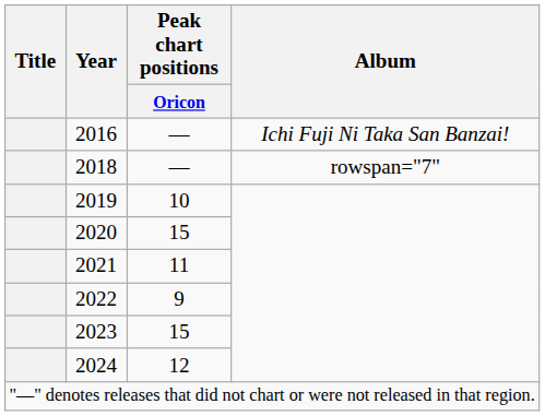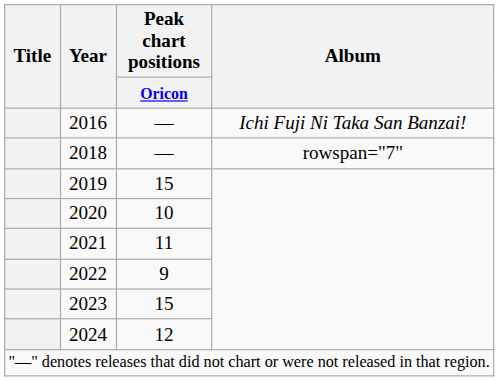 <table class="wikitable plainrowheaders" style="text-align:center;">
 <tr>
 <th scope="col" rowspan="2">Title</th>
 <th scope="col" rowspan="2">Year</th>
 <th scope="col" colspan="1">Peak <br> chart <br> positions</th>
 <th scope="col" rowspan="2">Album</th>
 </tr>
 <tr>
 <th scope="col" colspan="1"><small><a href='#'>Oricon</a></small><br></th>
 </tr>
 <tr>
 <th scope="row"></th>
 <td>2016</td>
 <td>—</td>
 <td><em>Ichi Fuji Ni Taka San Banzai!</em></td>
 </tr>
 <tr>
 <th scope="row"></th>
 <td>2018</td>
 <td>—</td>
 <td>rowspan="7" </td>
 </tr>
 <tr>
 <th scope="row"></th>
 <td>2019</td>
-<td>10</td>
+<td>15</td>
 </tr>
 <tr>
 <th scope="row"></th>
 <td>2020</td>
-<td>15</td>
+<td>10</td>
 </tr>
 <tr>
 <th scope="row"></th>
 <td>2021</td>
 <td>11</td>
 </tr>
 <tr>
 <th scope="row"></th>
 <td>2022</td>
 <td>9</td>
 </tr>
 <tr>
 <th scope="row"></th>
 <td>2023</td>
 <td>15</td>
 </tr>
 <tr>
 <th scope="row"></th>
 <td>2024</td>
 <td>12</td>
 </tr>
 <tr>
 <td colspan="5" style="font-size:85%">"—" denotes releases that did not chart or were not released in that region.</td>
 </tr>
 </table>
